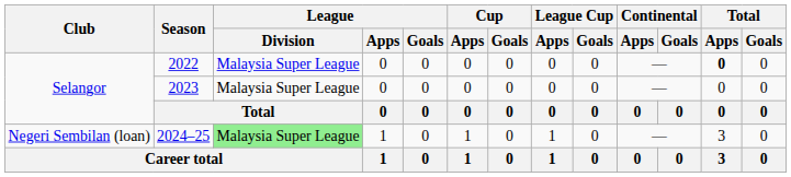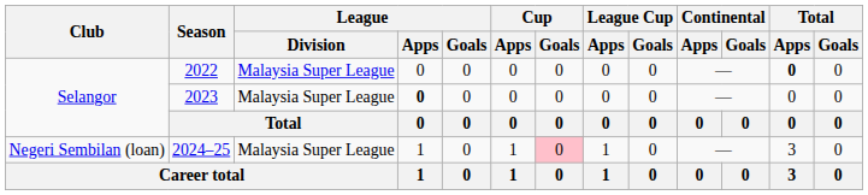 <table class="wikitable" style="text-align: center;">
 <tr>
 <th rowspan="2">Club</th>
 <th rowspan="2">Season</th>
 <th colspan="3">League</th>
 <th colspan="2">Cup</th>
 <th colspan="2">League Cup</th>
 <th colspan="2">Continental</th>
 <th colspan="2">Total</th>
 </tr>
 <tr>
 <th>Division</th>
 <th>Apps</th>
 <th>Goals</th>
 <th>Apps</th>
 <th>Goals</th>
 <th>Apps</th>
 <th>Goals</th>
 <th>Apps</th>
 <th>Goals</th>
 <th>Apps</th>
 <th>Goals</th>
 </tr>
 <tr>
 <td rowspan="3"><a href='#'>Selangor</a></td>
 <td><a href='#'>2022</a></td>
 <td><a href='#'>Malaysia Super League</a></td>
 <td>0</td>
 <td>0</td>
 <td>0</td>
 <td>0</td>
 <td>0</td>
 <td>0</td>
 <td colspan="2">—</td>
 <td><strong>0</strong></td>
 <td>0</td>
 </tr>
 <tr>
 <td><a href='#'>2023</a></td>
 <td>Malaysia Super League</td>
-<td>0</td>
+<td><strong>0</strong></td>
 <td>0</td>
 <td>0</td>
 <td>0</td>
 <td>0</td>
 <td>0</td>
 <td colspan="2">—</td>
 <td>0</td>
 <td>0</td>
 </tr>
 <tr>
 <th colspan="2">Total</th>
 <th>0</th>
 <th>0</th>
 <th>0</th>
 <th>0</th>
 <th>0</th>
 <th>0</th>
 <th>0</th>
 <th>0</th>
 <th>0</th>
 <th>0</th>
 </tr>
 <tr>
 <td rowspan="1"><a href='#'>Negeri Sembilan</a> (loan)</td>
 <td><a href='#'>2024–25</a></td>
-<td style="background: lightgreen;">Malaysia Super League</td>
+<td>Malaysia Super League</td>
 <td>1</td>
 <td>0</td>
 <td>1</td>
-<td>0</td>
+<td style="background: pink;">0</td>
 <td>1</td>
 <td>0</td>
 <td colspan="2">—</td>
 <td>3</td>
 <td>0</td>
 </tr>
 <tr>
 <th colspan="3">Career total</th>
 <th>1</th>
 <th>0</th>
 <th>1</th>
 <th>0</th>
 <th>1</th>
 <th>0</th>
 <th>0</th>
 <th>0</th>
 <th>3</th>
 <th>0</th>
 </tr>
 </table>
